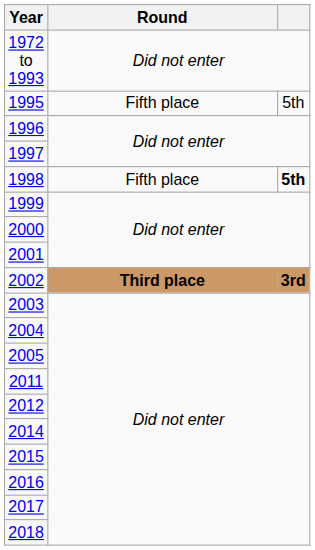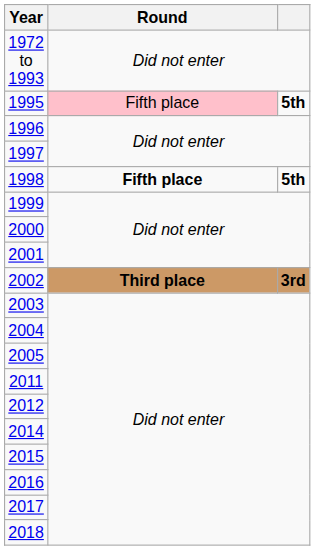 <table class="wikitable" style="text-align: center; font-size:90%">
 <tr>
 <th>Year</th>
 <th style="width:200px">Round</th>
 <th></th>
 </tr>
 <tr>
 <td><a href='#'>1972</a><br>to<br><a href='#'>1993</a></td>
 <td colspan="2"><em>Did not enter</em></td>
 </tr>
 <tr>
 <td><a href='#'>1995</a></td>
-<td>Fifth place</td>
-<td>5th</td>
+<td style="background: pink;">Fifth place</td>
+<td><strong>5th</strong></td>
 </tr>
 <tr>
 <td><a href='#'>1996</a></td>
 <td colspan="2" rowspan="2"><em>Did not enter</em></td>
 </tr>
 <tr>
 <td><a href='#'>1997</a></td>
 </tr>
 <tr>
 <td><a href='#'>1998</a></td>
-<td>Fifth place</td>
+<td><strong>Fifth place</strong></td>
 <td><strong>5th</strong></td>
 </tr>
 <tr>
 <td><a href='#'>1999</a></td>
 <td colspan="2" rowspan="3"><em>Did not enter</em></td>
 </tr>
 <tr>
 <td><a href='#'>2000</a></td>
 </tr>
 <tr>
 <td><a href='#'>2001</a></td>
 </tr>
 <tr>
 <td><a href='#'>2002</a></td>
 <td bgcolor="cc9966"><strong>Third place</strong></td>
 <td bgcolor="cc9966"><strong>3rd</strong></td>
 </tr>
 <tr>
 <td><a href='#'>2003</a></td>
 <td colspan="2" rowspan="10"><em>Did not enter</em></td>
 </tr>
 <tr>
 <td><a href='#'>2004</a></td>
 </tr>
 <tr>
 <td><a href='#'>2005</a></td>
 </tr>
 <tr>
 <td><a href='#'>2011</a></td>
 </tr>
 <tr>
 <td><a href='#'>2012</a></td>
 </tr>
 <tr>
 <td><a href='#'>2014</a></td>
 </tr>
 <tr>
 <td><a href='#'>2015</a></td>
 </tr>
 <tr>
 <td><a href='#'>2016</a></td>
 </tr>
 <tr>
 <td><a href='#'>2017</a></td>
 </tr>
 <tr>
 <td><a href='#'>2018</a></td>
 </tr>
 </table>
